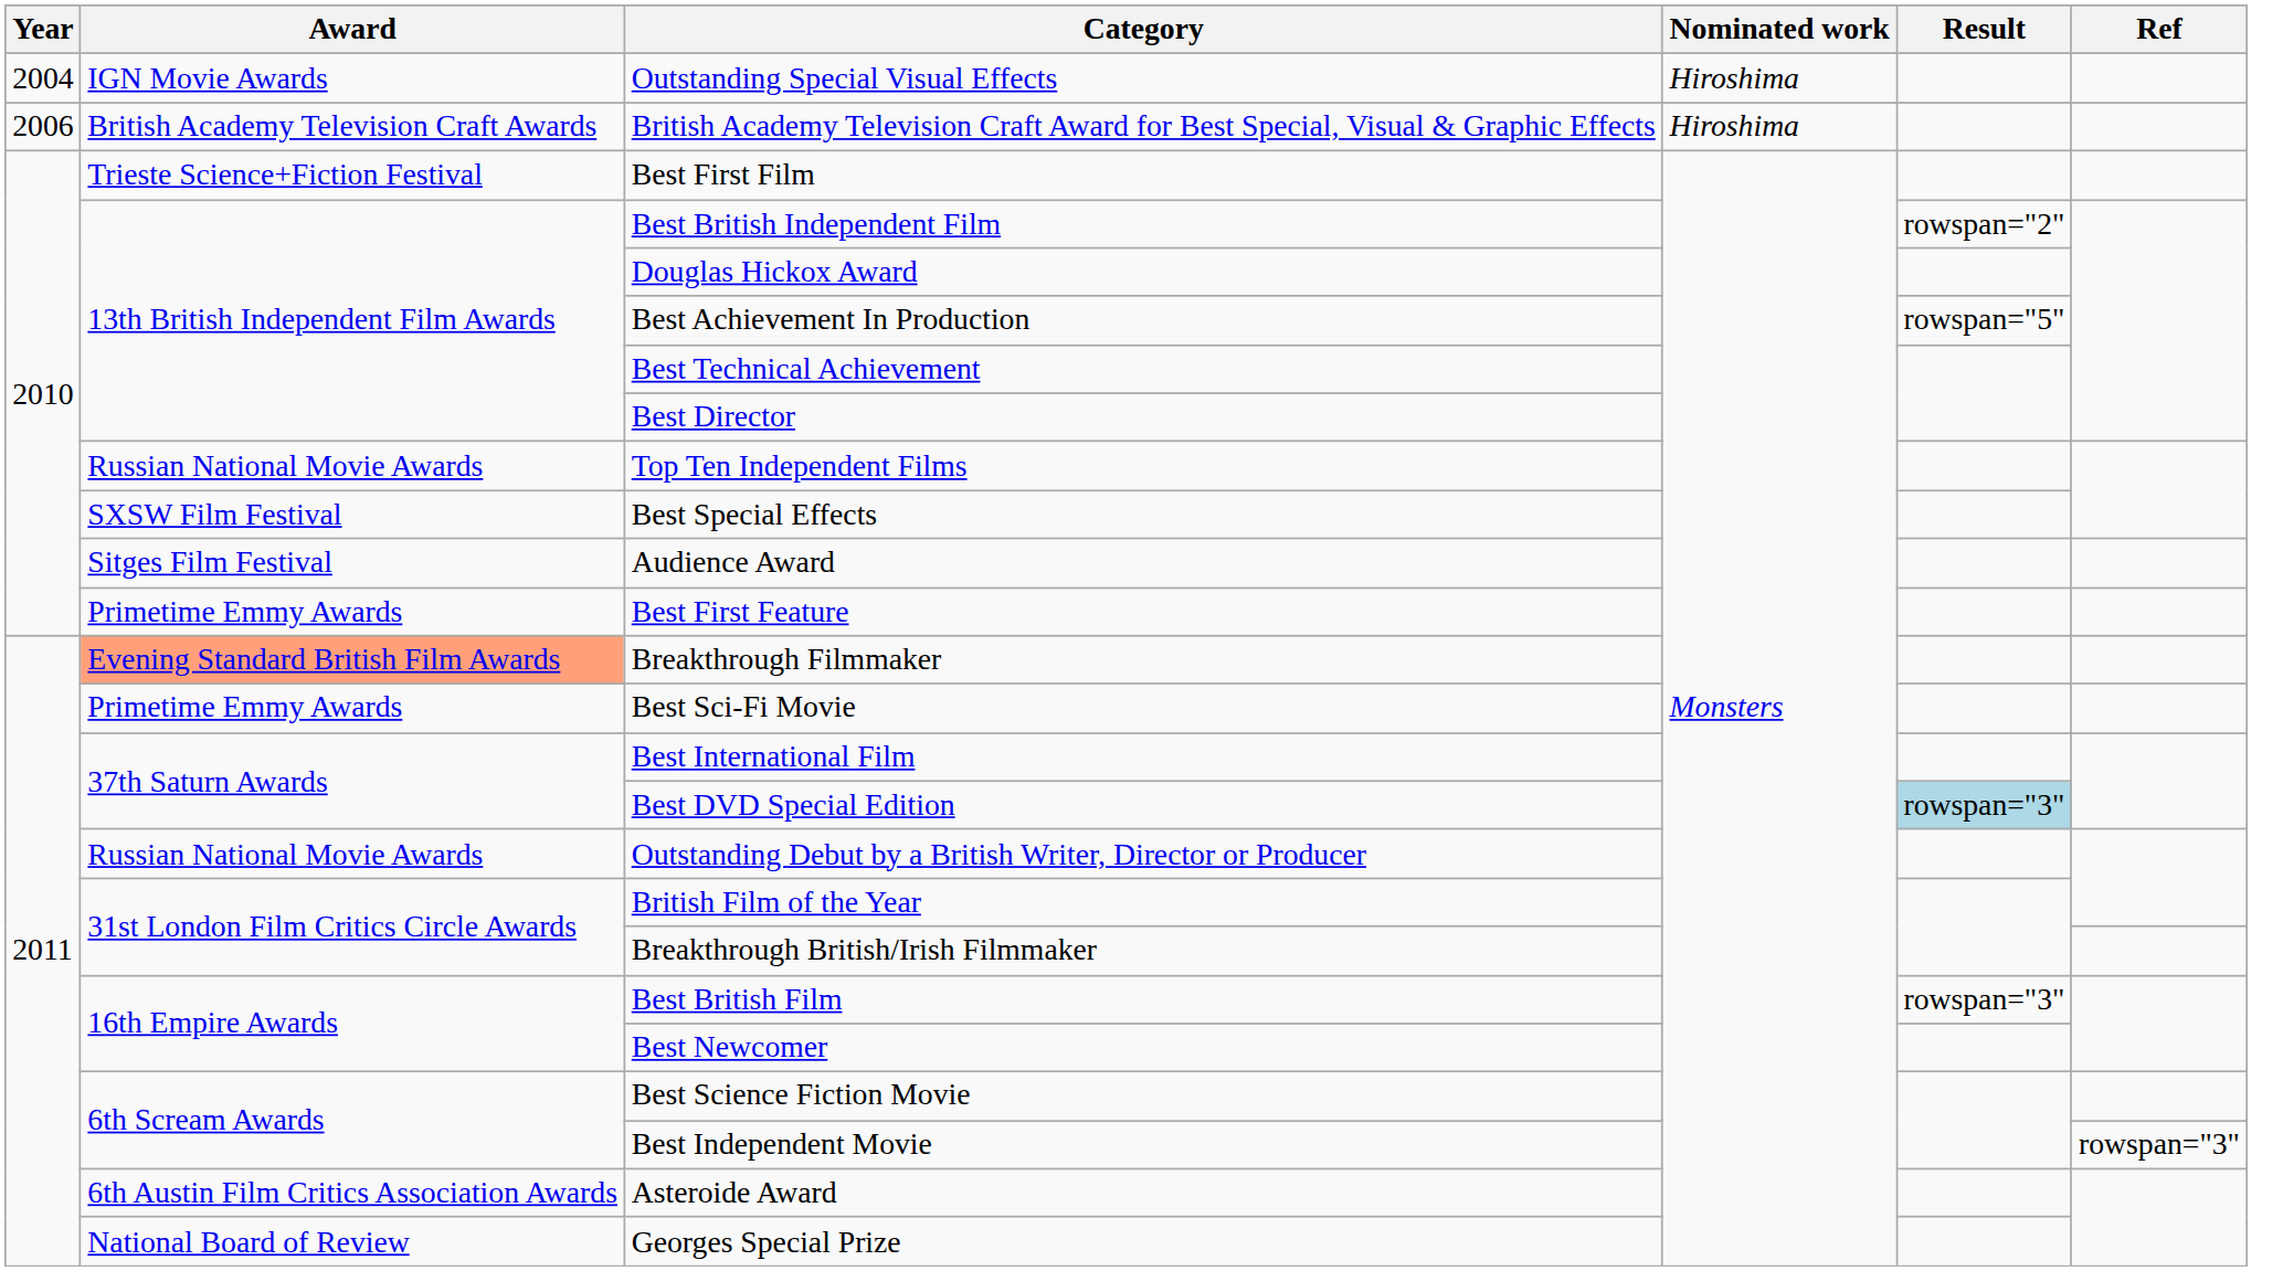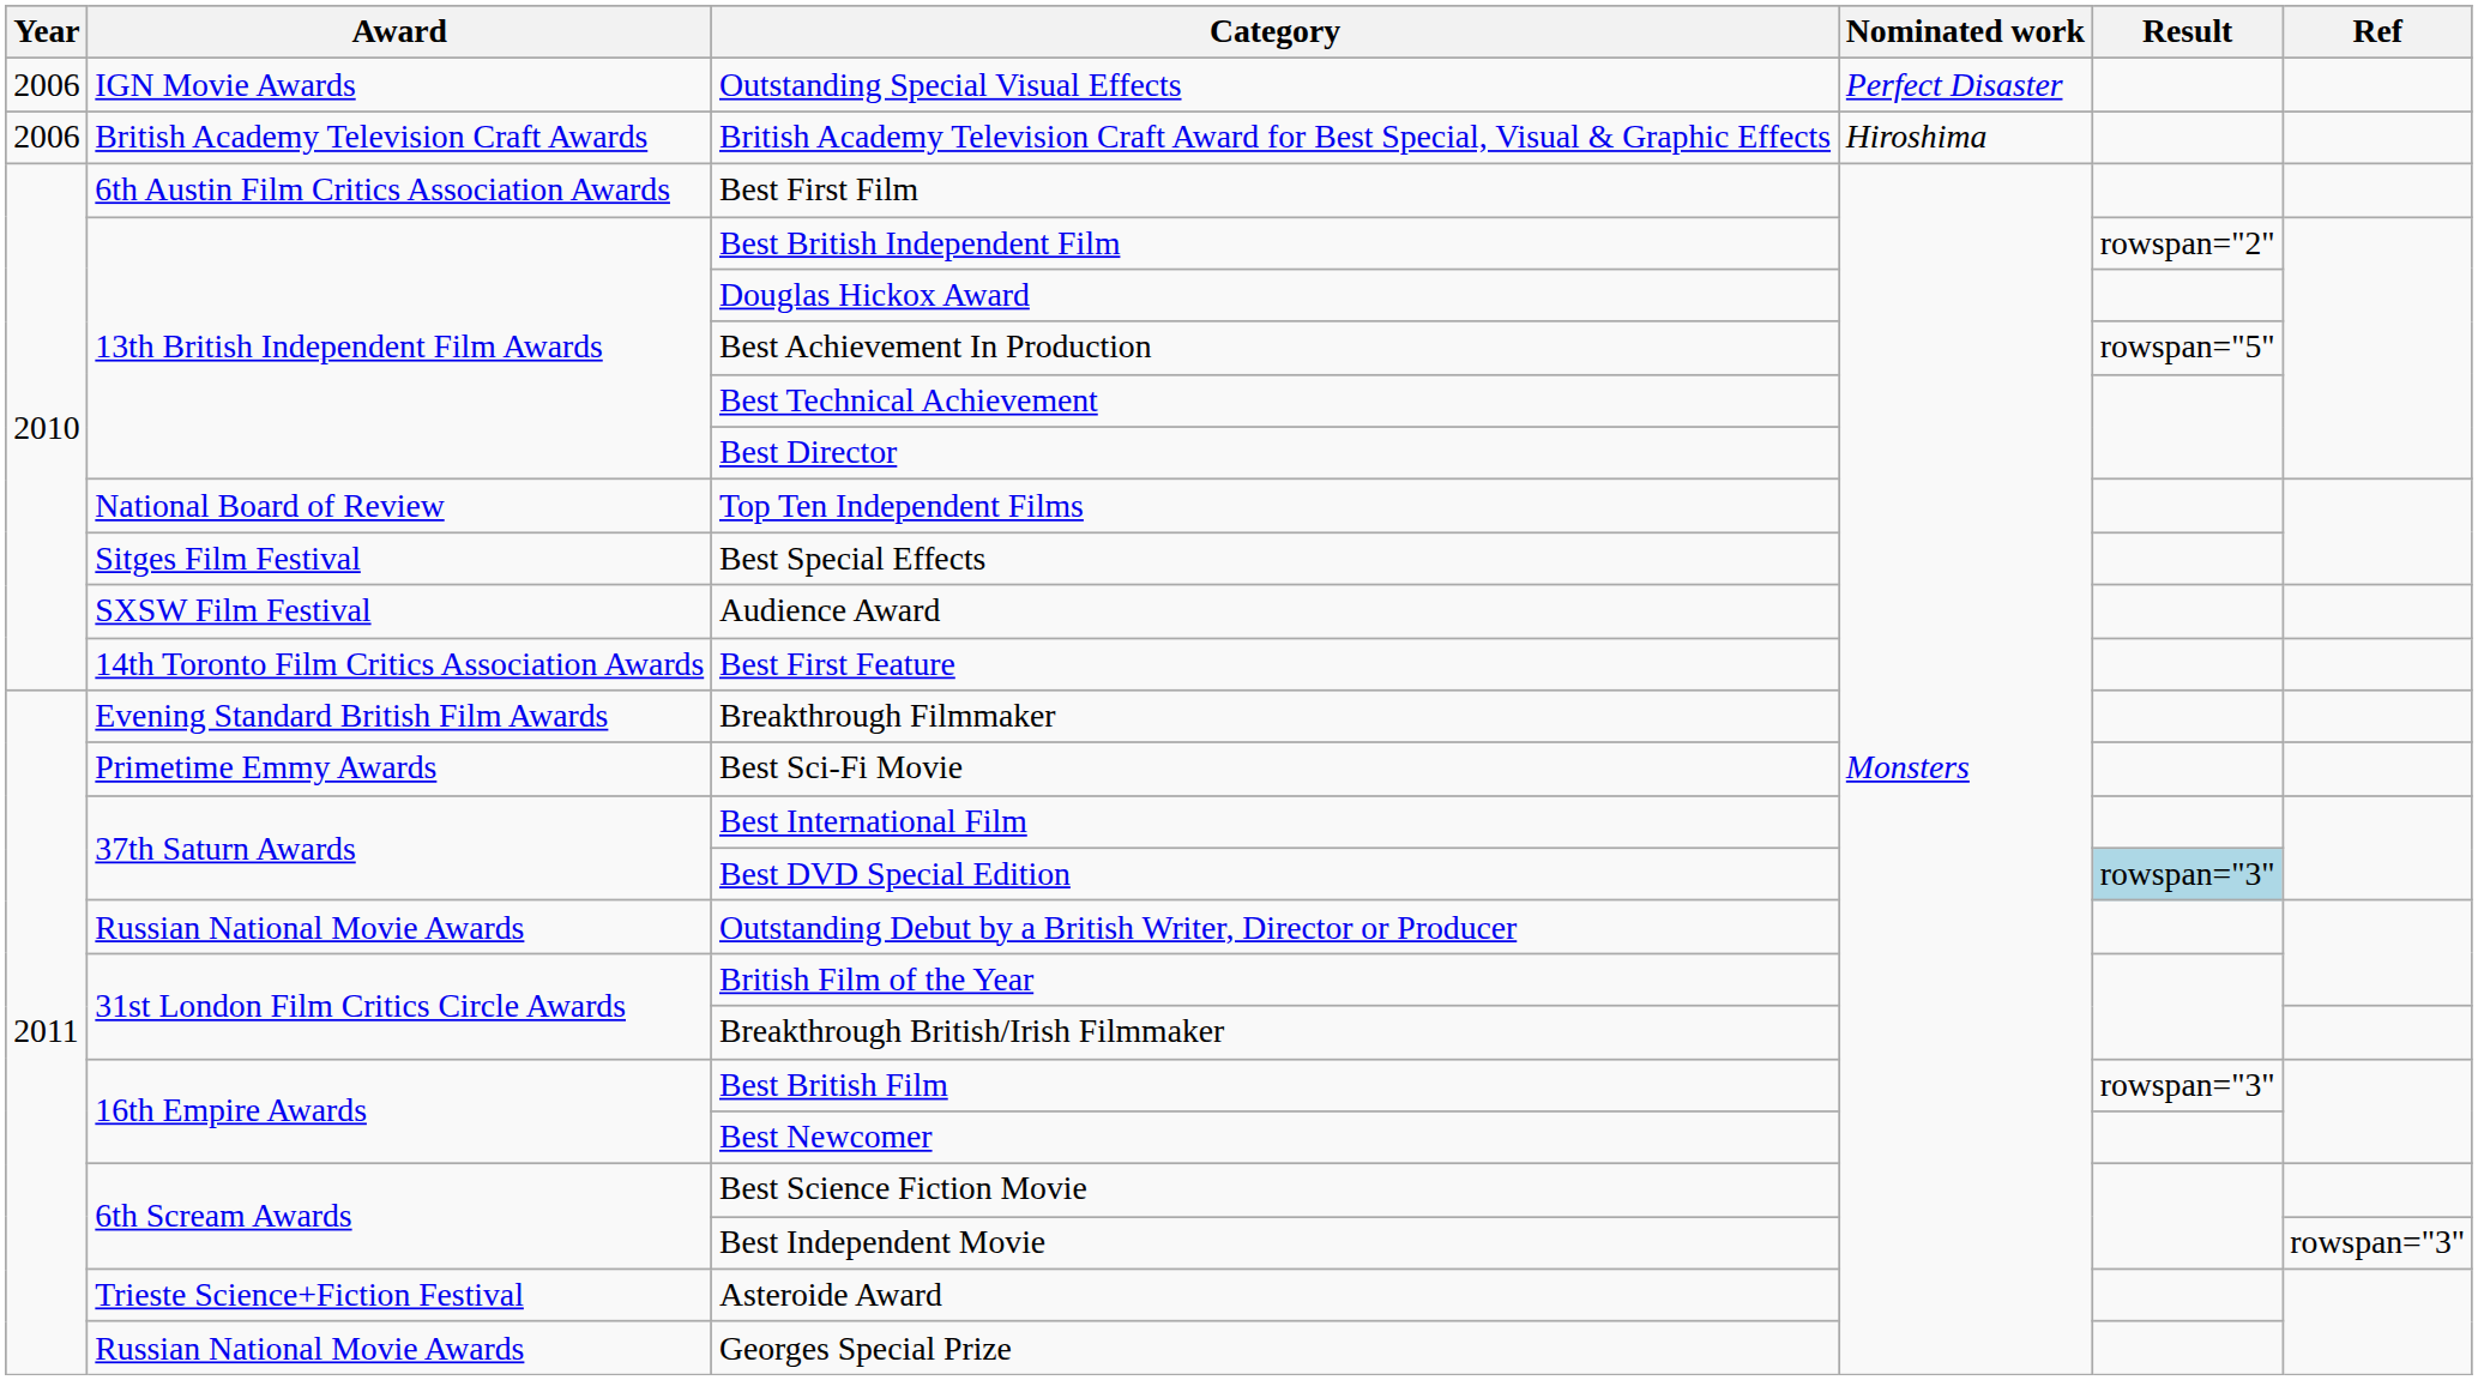 <table class="wikitable ">
 <tr>
 <th>Year</th>
 <th>Award</th>
 <th>Category</th>
 <th>Nominated work</th>
 <th>Result</th>
 <th>Ref</th>
 </tr>
 <tr>
-<td>2004</td>
+<td>2006</td>
 <td><a href='#'>IGN Movie Awards</a></td>
 <td><a href='#'>Outstanding Special Visual Effects</a></td>
-<td><em>Hiroshima</em></td>
+<td><em><a href='#'>Perfect Disaster</a></em></td>
 <td></td>
 <td></td>
 </tr>
 <tr>
 <td>2006</td>
 <td><a href='#'>British Academy Television Craft Awards</a></td>
 <td><a href='#'>British Academy Television Craft Award for Best Special, Visual & Graphic Effects</a></td>
 <td><em>Hiroshima</em></td>
 <td></td>
 <td></td>
 </tr>
 <tr>
 <td rowspan="10">2010</td>
-<td><a href='#'>Trieste Science+Fiction Festival</a></td>
+<td><a href='#'>6th Austin Film Critics Association Awards</a></td>
 <td>Best First Film</td>
 <td rowspan="23"><em><a href='#'>Monsters</a></em></td>
 <td></td>
 <td style="text-align:center;"></td>
 </tr>
 <tr>
 <td rowspan="5"><a href='#'>13th British Independent Film Awards</a></td>
 <td><a href='#'>Best British Independent Film</a></td>
 <td>rowspan="2" </td>
 <td rowspan="5" style="text-align:center;"></td>
 </tr>
 <tr>
 <td><a href='#'>Douglas Hickox Award</a></td>
 </tr>
 <tr>
 <td>Best Achievement In Production</td>
 <td>rowspan="5" </td>
 </tr>
 <tr>
 <td><a href='#'>Best Technical Achievement</a></td>
 </tr>
 <tr>
 <td><a href='#'>Best Director</a></td>
 </tr>
 <tr>
-<td><a href='#'>Russian National Movie Awards</a></td>
+<td><a href='#'>National Board of Review</a></td>
 <td><a href='#'>Top Ten Independent Films</a></td>
 <td style="text-align:center;"></td>
 </tr>
 <tr>
-<td><a href='#'>SXSW Film Festival</a></td>
+<td><a href='#'>Sitges Film Festival</a></td>
 <td>Best Special Effects</td>
 <td></td>
 </tr>
 <tr>
-<td><a href='#'>Sitges Film Festival</a></td>
+<td><a href='#'>SXSW Film Festival</a></td>
 <td>Audience Award</td>
 <td></td>
 <td></td>
 </tr>
 <tr>
-<td><a href='#'>Primetime Emmy Awards</a></td>
+<td><a href='#'>14th Toronto Film Critics Association Awards</a></td>
 <td><a href='#'>Best First Feature</a></td>
 <td></td>
 <td style="text-align:center;"></td>
 </tr>
 <tr>
 <td rowspan="13">2011</td>
-<td style="background: lightsalmon;"><a href='#'>Evening Standard British Film Awards</a></td>
+<td><a href='#'>Evening Standard British Film Awards</a></td>
 <td>Breakthrough Filmmaker</td>
 <td></td>
 <td style="text-align:center;"></td>
 </tr>
 <tr>
 <td><a href='#'>Primetime Emmy Awards</a></td>
 <td>Best Sci-Fi Movie</td>
 <td></td>
 <td></td>
 </tr>
 <tr>
 <td rowspan="2"><a href='#'>37th Saturn Awards</a></td>
 <td><a href='#'>Best International Film</a></td>
 <td></td>
 <td rowspan="2" style="text-align:center;"></td>
 </tr>
 <tr>
 <td><a href='#'>Best DVD Special Edition</a></td>
 <td style="background: lightblue;">rowspan="3" </td>
 </tr>
 <tr>
 <td><a href='#'>Russian National Movie Awards</a></td>
 <td><a href='#'>Outstanding Debut by a British Writer, Director or Producer</a></td>
 <td></td>
 </tr>
 <tr>
 <td rowspan="2"><a href='#'>31st London Film Critics Circle Awards</a></td>
 <td><a href='#'>British Film of the Year</a></td>
 <td rowspan="2"></td>
 </tr>
 <tr>
 <td>Breakthrough British/Irish Filmmaker</td>
 <td></td>
 </tr>
 <tr>
 <td rowspan="2"><a href='#'>16th Empire Awards</a></td>
 <td><a href='#'>Best British Film</a></td>
 <td>rowspan="3" </td>
 <td rowspan="2"></td>
 </tr>
 <tr>
 <td><a href='#'>Best Newcomer</a></td>
 </tr>
 <tr>
 <td rowspan="2"><a href='#'>6th Scream Awards</a></td>
 <td>Best Science Fiction Movie</td>
 <td rowspan="2"></td>
 </tr>
 <tr>
 <td>Best Independent Movie</td>
 <td>rowspan="3" </td>
 </tr>
 <tr>
-<td><a href='#'>6th Austin Film Critics Association Awards</a></td>
+<td><a href='#'>Trieste Science+Fiction Festival</a></td>
 <td>Asteroide Award</td>
 <td></td>
 </tr>
 <tr>
-<td><a href='#'>National Board of Review</a></td>
+<td><a href='#'>Russian National Movie Awards</a></td>
 <td>Georges Special Prize</td>
 <td></td>
 </tr>
 </table>
